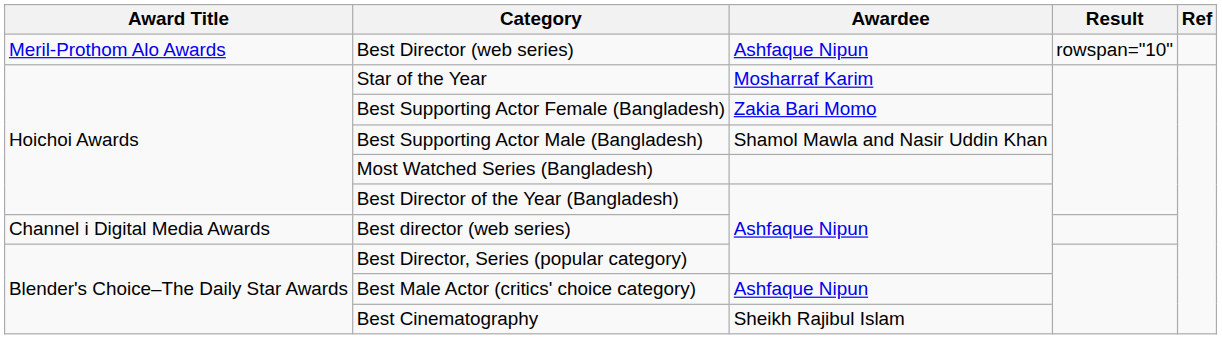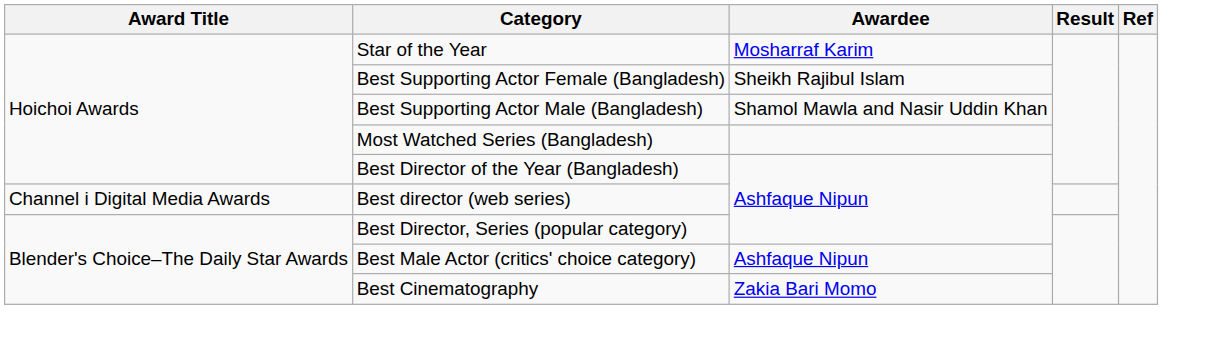 <table class="wikitable sortable mw-collapsible">
 <tr>
 <th>Award Title</th>
 <th>Category</th>
 <th>Awardee</th>
 <th>Result</th>
 <th>Ref</th>
 </tr>
 <tr>
-<td><a href='#'>Meril-Prothom Alo Awards</a></td>
-<td>Best Director (web series)</td>
-<td><a href='#'>Ashfaque Nipun</a></td>
-<td>rowspan="10"</td>
-<td></td>
-</tr>
-<tr>
 <td rowspan="5">Hoichoi Awards</td>
 <td>Star of the Year</td>
 <td><a href='#'>Mosharraf Karim</a></td>
 <td rowspan="5"></td>
 </tr>
 <tr>
 <td>Best Supporting Actor Female (Bangladesh)</td>
-<td><a href='#'>Zakia Bari Momo</a></td>
+<td>Sheikh Rajibul Islam</td>
 </tr>
 <tr>
 <td>Best Supporting Actor Male (Bangladesh)</td>
 <td>Shamol Mawla and Nasir Uddin Khan</td>
 </tr>
 <tr>
 <td>Most Watched Series (Bangladesh)</td>
 <td></td>
 </tr>
 <tr>
 <td>Best Director of the Year (Bangladesh)</td>
 <td rowspan="3"><a href='#'>Ashfaque Nipun</a></td>
 </tr>
 <tr>
 <td>Channel i Digital Media Awards</td>
 <td>Best director (web series)</td>
 <td></td>
 </tr>
 <tr>
 <td rowspan="3">Blender's Choice–The Daily Star Awards</td>
 <td>Best Director, Series (popular category)</td>
 <td rowspan="3"></td>
 </tr>
 <tr>
 <td>Best Male Actor (critics' choice category)</td>
 <td><a href='#'>Ashfaque Nipun</a></td>
 </tr>
 <tr>
 <td>Best Cinematography</td>
-<td>Sheikh Rajibul Islam</td>
+<td><a href='#'>Zakia Bari Momo</a></td>
 </tr>
 </table>
